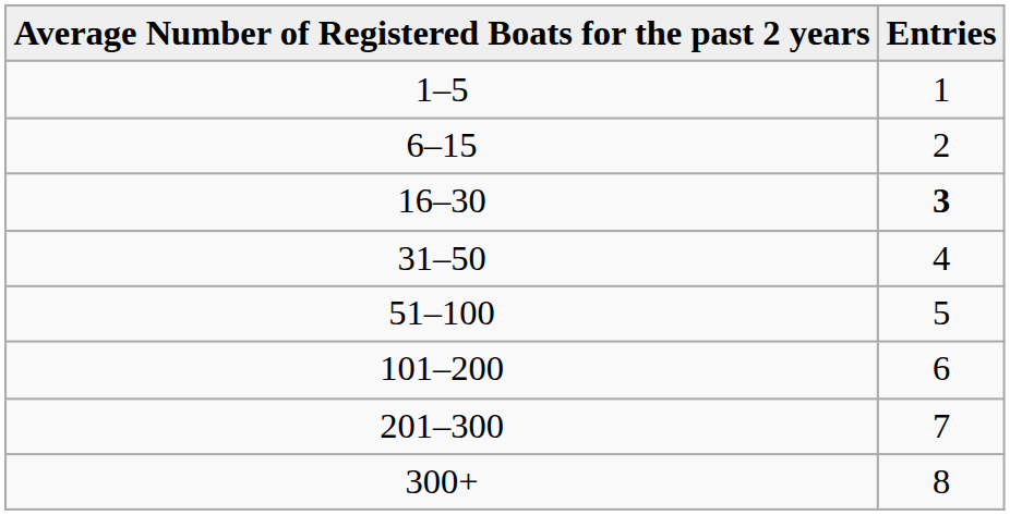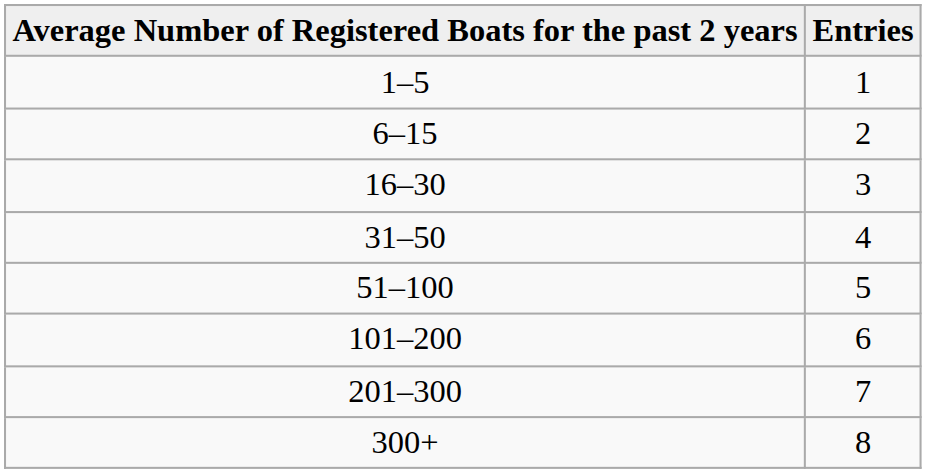 <table class="wikitable" style="text-align:center">
 <tr bgcolor="#efefef">
 <td><strong>Average Number of Registered Boats for the past 2 years</strong></td>
 <td><strong>Entries</strong></td>
 </tr>
 <tr>
 <td>1–5</td>
 <td>1</td>
 </tr>
 <tr>
 <td>6–15</td>
 <td>2</td>
 </tr>
 <tr>
 <td>16–30</td>
-<td><strong>3</strong></td>
+<td>3</td>
 </tr>
 <tr>
 <td>31–50</td>
 <td>4</td>
 </tr>
 <tr>
 <td>51–100</td>
 <td>5</td>
 </tr>
 <tr>
 <td>101–200</td>
 <td>6</td>
 </tr>
 <tr>
 <td>201–300</td>
 <td>7</td>
 </tr>
 <tr>
 <td>300+</td>
 <td>8</td>
 </tr>
 </table>
